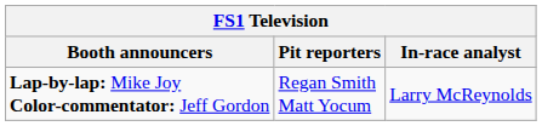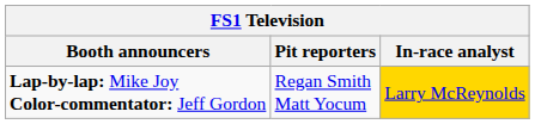 <table class="wikitable" style="font-size: 95%;">
 <tr>
 <th colspan="3"><a href='#'>FS1</a> Television</th>
 </tr>
 <tr>
 <th>Booth announcers</th>
 <th>Pit reporters</th>
 <th>In-race analyst</th>
 </tr>
 <tr>
 <td><strong>Lap-by-lap:</strong> <a href='#'>Mike Joy</a><br><strong>Color-commentator:</strong> <a href='#'>Jeff Gordon</a></td>
 <td><a href='#'>Regan Smith</a><br><a href='#'>Matt Yocum</a></td>
-<td><a href='#'>Larry McReynolds</a></td>
+<td style="background: gold;"><a href='#'>Larry McReynolds</a></td>
 </tr>
 </table>
